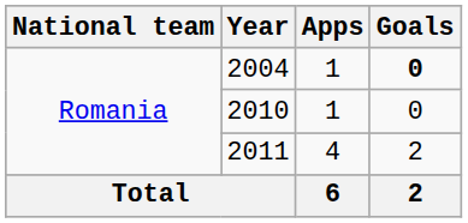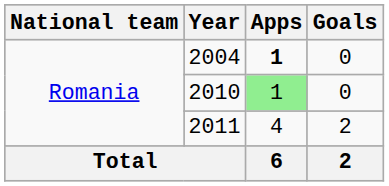 <table class="wikitable" style="text-align:center">
 <tr>
 <th>National team</th>
 <th>Year</th>
 <th>Apps</th>
 <th>Goals</th>
 </tr>
 <tr>
 <td rowspan="3"><a href='#'>Romania</a></td>
 <td>2004</td>
-<td>1</td>
-<td><strong>0</strong></td>
+<td><strong>1</strong></td>
+<td>0</td>
 </tr>
 <tr>
 <td>2010</td>
-<td>1</td>
+<td style="background: lightgreen;">1</td>
 <td>0</td>
 </tr>
 <tr>
 <td>2011</td>
 <td>4</td>
 <td>2</td>
 </tr>
 <tr>
 <th colspan="2">Total</th>
 <th>6</th>
 <th>2</th>
 </tr>
 </table>
